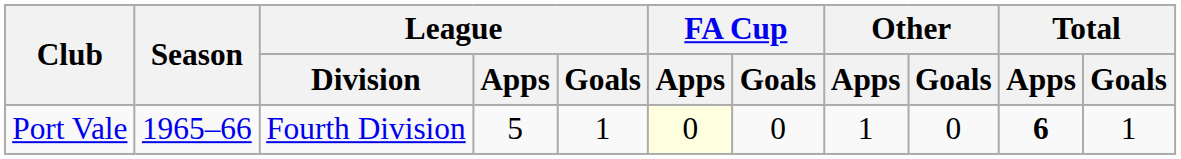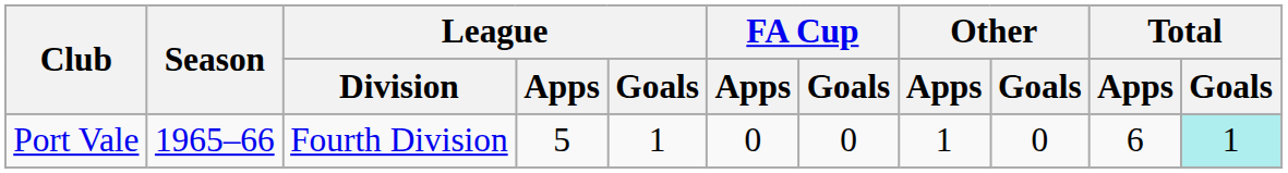 <table class="wikitable" style="text-align:center">
 <tr>
 <th rowspan="2">Club</th>
 <th rowspan="2">Season</th>
 <th colspan="3">League</th>
 <th colspan="2"><a href='#'>FA Cup</a></th>
 <th colspan="2">Other</th>
 <th colspan="2">Total</th>
 </tr>
 <tr>
 <th>Division</th>
 <th>Apps</th>
 <th>Goals</th>
 <th>Apps</th>
 <th>Goals</th>
 <th>Apps</th>
 <th>Goals</th>
 <th>Apps</th>
 <th>Goals</th>
 </tr>
 <tr>
 <td><a href='#'>Port Vale</a></td>
 <td><a href='#'>1965–66</a></td>
 <td><a href='#'>Fourth Division</a></td>
 <td>5</td>
 <td>1</td>
-<td style="background: lightyellow;">0</td>
+<td>0</td>
 <td>0</td>
 <td>1</td>
 <td>0</td>
-<td><strong>6</strong></td>
-<td>1</td>
+<td>6</td>
+<td style="background: paleturquoise;">1</td>
 </tr>
 </table>
